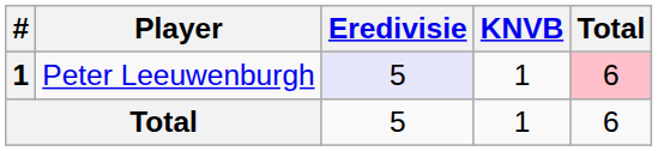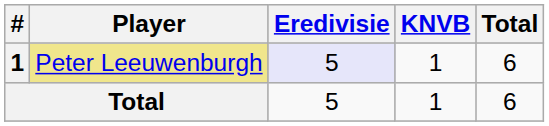 <table class="wikitable" style="text-align:center;">
 <tr>
 <th>#</th>
 <th>Player</th>
 <th><a href='#'>Eredivisie</a></th>
 <th><a href='#'>KNVB</a></th>
 <th>Total</th>
 </tr>
 <tr>
 <th>1</th>
-<td align="left"> <a href='#'>Peter Leeuwenburgh</a></td>
+<td align="left" style="background: khaki;"> <a href='#'>Peter Leeuwenburgh</a></td>
 <td style="background: lavender;">5</td>
 <td>1</td>
-<td style="background: pink;">6</td>
+<td>6</td>
 </tr>
 <tr>
 <th colspan="2">Total</th>
 <td>5</td>
 <td>1</td>
 <td>6</td>
 </tr>
 </table>
